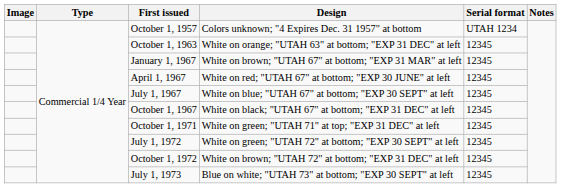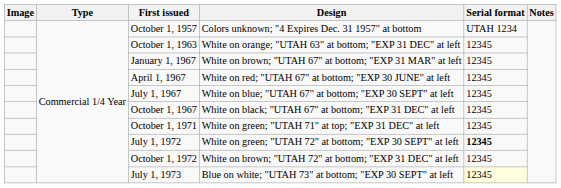 <table class="wikitable">
 <tr>
 <th>Image</th>
 <th>Type</th>
 <th>First issued</th>
 <th>Design</th>
 <th>Serial format</th>
 <th>Notes</th>
 </tr>
 <tr>
 <td></td>
 <td rowspan="10">Commercial 1/4 Year</td>
 <td>October 1, 1957</td>
 <td>Colors unknown; "4 Expires Dec. 31 1957" at bottom</td>
 <td>UTAH 1234</td>
 <td rowspan="10"></td>
 </tr>
 <tr>
 <td></td>
 <td>October 1, 1963</td>
 <td>White on orange; "UTAH 63" at bottom; "EXP 31 DEC" at left</td>
 <td>12345</td>
 </tr>
 <tr>
 <td></td>
 <td>January 1, 1967</td>
 <td>White on brown; "UTAH 67" at bottom; "EXP 31 MAR" at left</td>
 <td>12345</td>
 </tr>
 <tr>
 <td></td>
 <td>April 1, 1967</td>
 <td>White on red; "UTAH 67" at bottom; "EXP 30 JUNE" at left</td>
 <td>12345</td>
 </tr>
 <tr>
 <td></td>
 <td>July 1, 1967</td>
 <td>White on blue; "UTAH 67" at bottom; "EXP 30 SEPT" at left</td>
 <td>12345</td>
 </tr>
 <tr>
 <td></td>
 <td>October 1, 1967</td>
 <td>White on black; "UTAH 67" at bottom; "EXP 31 DEC" at left</td>
 <td>12345</td>
 </tr>
 <tr>
 <td></td>
 <td>October 1, 1971</td>
 <td>White on green; "UTAH 71" at top; "EXP 31 DEC" at left</td>
 <td>12345</td>
 </tr>
 <tr>
 <td></td>
 <td>July 1, 1972</td>
 <td>White on green; "UTAH 72" at bottom; "EXP 30 SEPT" at left</td>
-<td>12345</td>
+<td><strong>12345</strong></td>
 </tr>
 <tr>
 <td></td>
 <td>October 1, 1972</td>
 <td>White on brown; "UTAH 72" at bottom; "EXP 31 DEC" at left</td>
 <td>12345</td>
 </tr>
 <tr>
 <td></td>
 <td>July 1, 1973</td>
 <td>Blue on white; "UTAH 73" at bottom; "EXP 30 SEPT" at left</td>
-<td>12345</td>
+<td style="background: lightyellow;">12345</td>
 </tr>
 </table>
